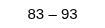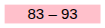 <table style="text-align:center;">
 <tr>
 <th width=200></th>
 <th width=100></th>
 <th width=200></th>
 <th></th>
 </tr>
 <tr>
 <td align=right></td>
-<td>83 – 93</td>
+<td style="background: pink;">83 – 93</td>
 <td align=left><strong></strong></td>
 </tr>
 </table>
